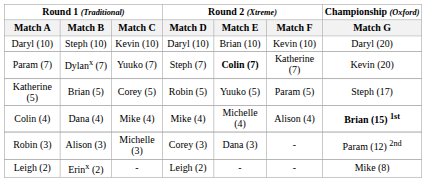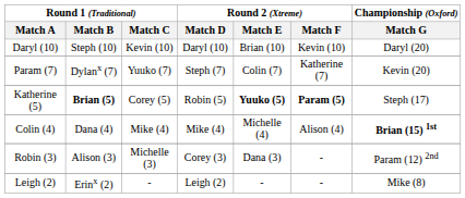 <table class="wikitable" style="text-align:center;">
 <tr>
 <th colspan="3" style="background: #ffffff;" style="border: 1px solid blue;">Round 1 <small><em>(Traditional)</em></small></th>
 <th colspan="3" style="background: #ffffff;" style="border: 1px solid red;">Round 2 <small><em>(Xtreme)</em></small></th>
 <th colspan="2" style="background: #ffffff;" style="border: 1px solid gold;">Championship <small><em>(Oxford)</em></small></th>
 </tr>
 <tr>
 <th style="width:83px;">Match A</th>
 <th style="width:75px;">Match B</th>
 <th style="width:75px;">Match C</th>
 <th style="width:75px;">Match D</th>
 <th style="width:78px;">Match E</th>
 <th style="width:83px;">Match F</th>
 <th colspan="2">Match G</th>
 </tr>
 <tr style="background:#ffffff;">
 <td align=center>Daryl (10)</td>
 <td>Steph (10)</td>
 <td>Kevin (10)</td>
 <td>Daryl (10)</td>
 <td>Brian (10)</td>
 <td>Kevin (10)</td>
 <td>Daryl (20)</td>
 </tr>
 <tr>
 </tr>
 <tr style="background:#ffffff;">
 <td align=center>Param (7)</td>
 <td>Dylan<sup>x</sup> (7)</td>
 <td>Yuuko (7)</td>
 <td>Steph (7)</td>
-<td><strong>Colin (7)</strong></td>
+<td>Colin (7)</td>
 <td>Katherine (7)</td>
 <td>Kevin (20)</td>
 </tr>
 <tr>
 </tr>
 <tr style="background:#ffffff;">
 <td align=center>Katherine (5)</td>
-<td>Brian (5)</td>
+<td><strong>Brian (5)</strong></td>
 <td>Corey (5)</td>
 <td>Robin (5)</td>
-<td>Yuuko (5)</td>
-<td>Param (5)</td>
+<td><strong>Yuuko (5)</strong></td>
+<td><strong>Param (5)</strong></td>
 <td>Steph (17)</td>
 </tr>
 <tr>
 </tr>
 <tr style="background:#ffffff;">
 <td align=center>Colin (4)</td>
 <td>Dana (4)</td>
 <td>Mike (4)</td>
 <td>Mike (4)</td>
 <td>Michelle (4)</td>
 <td>Alison (4)</td>
 <td><strong>Brian (15) <sup>1st</sup></strong></td>
 </tr>
 <tr>
 </tr>
 <tr style="background:#ffffff;">
 <td align=center>Robin (3)</td>
 <td>Alison (3)</td>
 <td>Michelle (3)</td>
 <td>Corey (3)</td>
 <td>Dana (3)</td>
 <td>-</td>
 <td>Param (12) <sup>2nd</sup></td>
 </tr>
 <tr>
 </tr>
 <tr style="background:#ffffff;">
 <td align=center>Leigh (2)</td>
 <td>Erin<sup>x</sup> (2)</td>
 <td>-</td>
 <td>Leigh (2)</td>
 <td>-</td>
 <td>-</td>
 <td>Mike (8)</td>
 </tr>
 </table>
